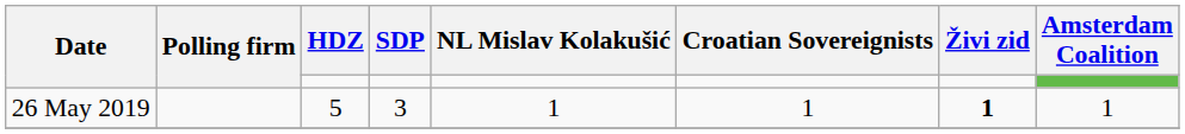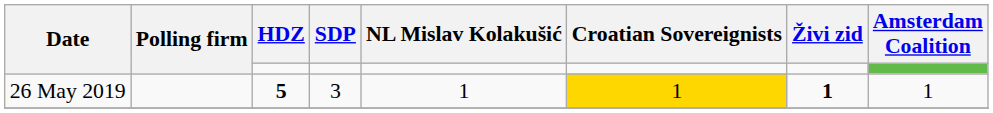 <table class="wikitable" style="text-align:center;">
 <tr>
 <th rowspan=2>Date</th>
 <th rowspan=2>Polling firm</th>
 <th><a href='#'>HDZ</a></th>
 <th><a href='#'>SDP</a></th>
 <th>NL Mislav Kolakušić</th>
 <th>Croatian Sovereignists</th>
 <th><a href='#'>Živi zid</a></th>
 <th><a href='#'>Amsterdam Coalition</a></th>
 </tr>
 <tr>
 <td style="background: "></td>
 <td style="background: "></td>
 <td style="background: "></td>
 <td style="background: "></td>
 <td style="background: "></td>
 <td style="background: #62ba49" width="80px"></td>
 </tr>
 <tr>
 <td>26 May 2019</td>
 <td></td>
-<td align=center>5</td>
+<td align=center><strong>5</strong></td>
 <td align=center>3</td>
 <td align=center>1</td>
-<td align=center>1</td>
+<td align=center style="background: gold;">1</td>
 <td align=center><strong>1</strong></td>
 <td align=center>1</td>
 </tr>
 <tr>
 </tr>
 </table>
